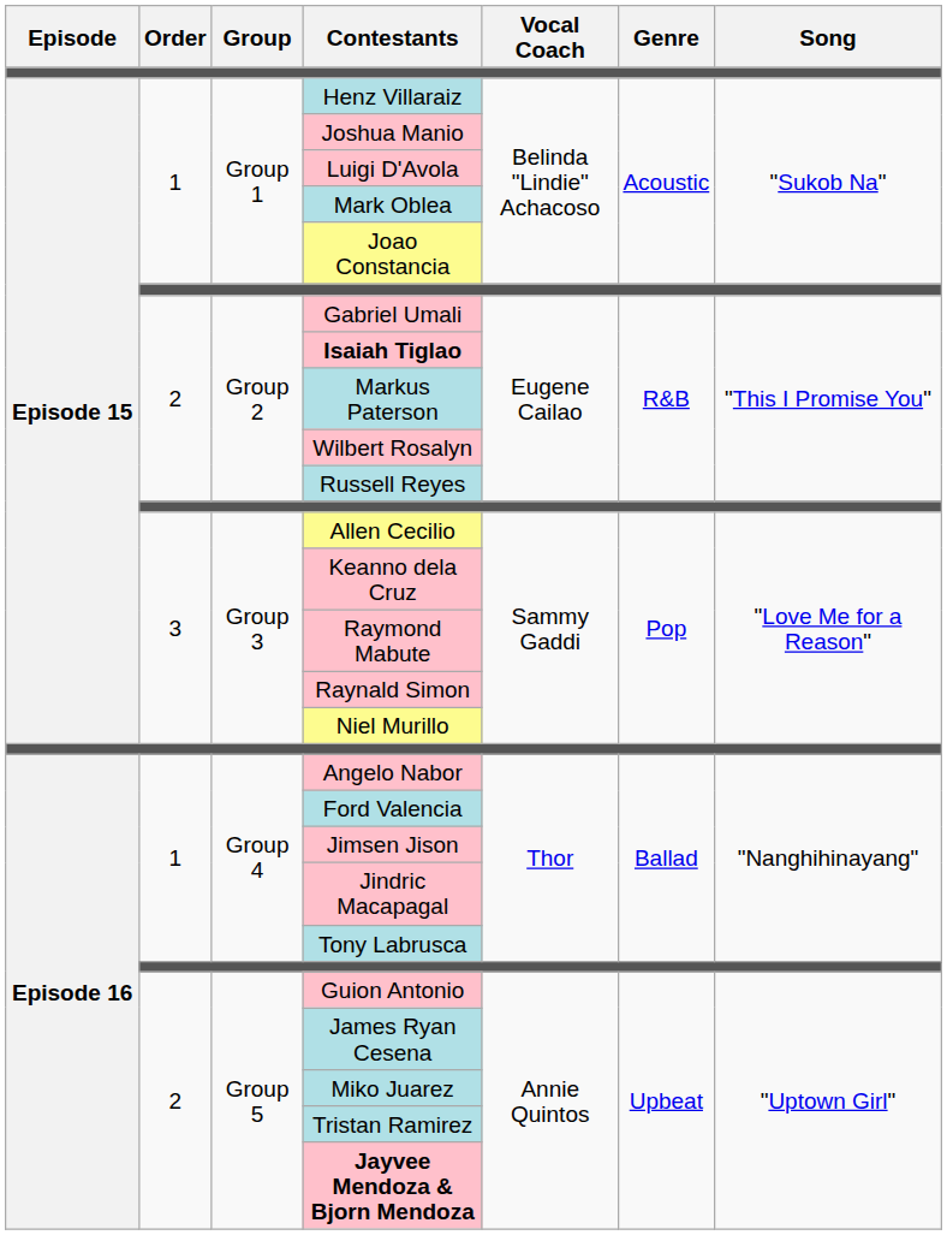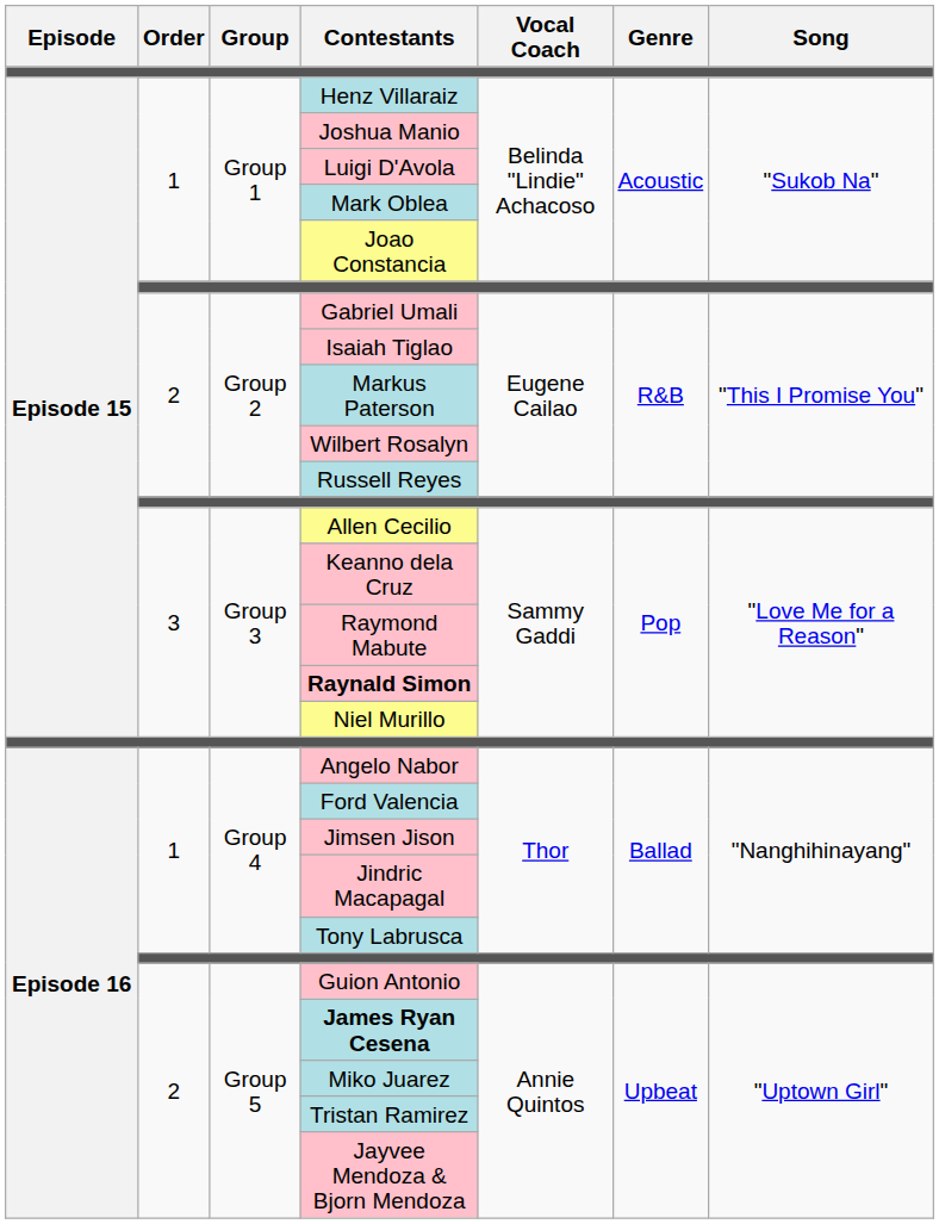 <table class="wikitable" style="text-align:center; line-height:17px; width:100%; font-size: 95%;">
 <tr>
 <th style="width:15%;">Episode</th>
 <th style="width:05%;">Order</th>
 <th style="width:10%;">Group</th>
 <th style="width:20%;">Contestants</th>
 <th style="width:15%;">Vocal Coach</th>
 <th style="width:10%;">Genre</th>
 <th style="width:25%;">Song</th>
 </tr>
 <tr>
 <td colspan="7" style="background:#555;"></td>
 </tr>
 <tr>
 <th rowspan="17">Episode 15 <br> <small>  </small></th>
 <td rowspan="5">1</td>
 <td rowspan="5">Group 1</td>
 <td style="background:#b0e0e6;">Henz Villaraiz</td>
 <td rowspan="5">Belinda "Lindie" Achacoso</td>
 <td rowspan="5"><a href='#'>Acoustic</a></td>
 <td rowspan="5">"<a href='#'>Sukob Na</a>"</td>
 </tr>
 <tr>
 <td style="background:pink;">Joshua Manio</td>
 </tr>
 <tr>
 <td style="background:pink;">Luigi D'Avola</td>
 </tr>
 <tr>
 <td style="background:#b0e0e6;">Mark Oblea</td>
 </tr>
 <tr>
 <td style="background:#fdfc8f;">Joao Constancia</td>
 </tr>
 <tr>
 <td colspan="6" style="background:#555;"></td>
 </tr>
 <tr>
 <td rowspan="5">2</td>
 <td rowspan="5">Group 2</td>
 <td style="background:pink;">Gabriel Umali</td>
 <td rowspan="5">Eugene Cailao</td>
 <td rowspan="5"><a href='#'>R&B</a></td>
 <td rowspan="5">"<a href='#'>This I Promise You</a>"</td>
 </tr>
 <tr>
-<td style="background:pink;"><strong>Isaiah Tiglao</strong></td>
+<td style="background:pink;">Isaiah Tiglao</td>
 </tr>
 <tr>
 <td style="background:#b0e0e6;">Markus Paterson</td>
 </tr>
 <tr>
 <td style="background:pink;">Wilbert Rosalyn</td>
 </tr>
 <tr>
 <td style="background:#b0e0e6;">Russell Reyes</td>
 </tr>
 <tr>
 <td colspan="6" style="background:#555;"></td>
 </tr>
 <tr>
 <td rowspan="5">3</td>
 <td rowspan="5">Group 3</td>
 <td style="background:#fdfc8f;">Allen Cecilio</td>
 <td rowspan="5">Sammy Gaddi</td>
 <td rowspan="5"><a href='#'>Pop</a></td>
 <td rowspan="5">"<a href='#'>Love Me for a Reason</a>"</td>
 </tr>
 <tr>
 <td style="background:pink;">Keanno dela Cruz</td>
 </tr>
 <tr>
 <td style="background:pink;">Raymond Mabute</td>
 </tr>
 <tr>
-<td style="background:pink;">Raynald Simon</td>
+<td style="background:pink;"><strong>Raynald Simon</strong></td>
 </tr>
 <tr>
 <td style="background:#fdfc8f;">Niel Murillo</td>
 </tr>
 <tr>
 <td colspan="7" style="background:#555;"></td>
 </tr>
 <tr>
 <th rowspan="11">Episode 16 <br> <small>  </small></th>
 <td rowspan="5">1</td>
 <td rowspan="5">Group 4</td>
 <td style="background:pink;">Angelo Nabor</td>
 <td rowspan="5"><a href='#'>Thor</a></td>
 <td rowspan="5"><a href='#'>Ballad</a></td>
 <td rowspan="5">"Nanghihinayang"</td>
 </tr>
 <tr>
 <td style="background:#b0e0e6;">Ford Valencia</td>
 </tr>
 <tr>
 <td style="background:pink;">Jimsen Jison</td>
 </tr>
 <tr>
 <td style="background:pink;">Jindric Macapagal</td>
 </tr>
 <tr>
 <td style="background:#b0e0e6;">Tony Labrusca</td>
 </tr>
 <tr>
 <td colspan="6" style="background:#555;"></td>
 </tr>
 <tr>
 <td rowspan="5">2</td>
 <td rowspan="5">Group 5</td>
 <td style="background:pink;">Guion Antonio</td>
 <td rowspan="5">Annie Quintos</td>
 <td rowspan="5"><a href='#'>Upbeat</a></td>
 <td rowspan="5">"<a href='#'>Uptown Girl</a>"</td>
 </tr>
 <tr>
-<td style="background:#b0e0e6;">James Ryan Cesena</td>
+<td style="background:#b0e0e6;"><strong>James Ryan Cesena</strong></td>
 </tr>
 <tr>
 <td style="background:#b0e0e6;">Miko Juarez</td>
 </tr>
 <tr>
 <td style="background:#b0e0e6;">Tristan Ramirez</td>
 </tr>
 <tr>
-<td style="background:pink;"><strong>Jayvee Mendoza & Bjorn Mendoza</strong></td>
+<td style="background:pink;">Jayvee Mendoza & Bjorn Mendoza</td>
 </tr>
 </table>
